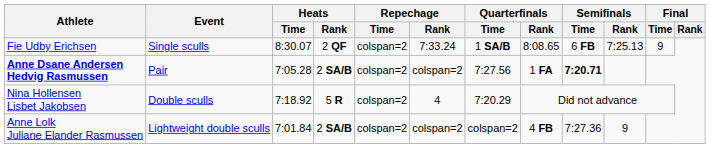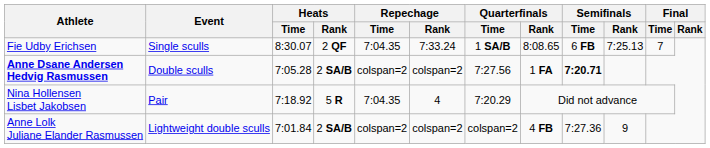 <table class="wikitable" style="font-size:90%">
 <tr>
 <th rowspan="2">Athlete</th>
 <th rowspan="2">Event</th>
 <th colspan="2">Heats</th>
 <th colspan="2">Repechage</th>
 <th colspan="2">Quarterfinals</th>
 <th colspan="2">Semifinals</th>
 <th colspan="2">Final</th>
 </tr>
 <tr style="font-size:95%">
 <th>Time</th>
 <th>Rank</th>
 <th>Time</th>
 <th>Rank</th>
 <th>Time</th>
 <th>Rank</th>
 <th>Time</th>
 <th>Rank</th>
 <th>Time</th>
 <th>Rank</th>
 </tr>
 <tr align=center>
 <td align=left><a href='#'>Fie Udby Erichsen</a></td>
 <td align=left><a href='#'>Single sculls</a></td>
 <td>8:30.07</td>
 <td>2 <strong>QF</strong></td>
-<td>colspan=2 </td>
+<td>7:04.35</td>
 <td>7:33.24</td>
 <td>1 <strong>SA/B</strong></td>
 <td>8:08.65</td>
 <td>6 <strong>FB</strong></td>
 <td>7:25.13</td>
-<td>9</td>
+<td>7</td>
 </tr>
 <tr align=center>
 <td align=left><strong><a href='#'>Anne Dsane Andersen</a><br><a href='#'>Hedvig Rasmussen</a></strong></td>
-<td align=left><a href='#'>Pair</a></td>
+<td align=left><a href='#'>Double sculls</a></td>
 <td>7:05.28</td>
 <td>2 <strong>SA/B</strong></td>
 <td>colspan=2 </td>
 <td>colspan=2 </td>
 <td>7:27.56</td>
 <td>1 <strong>FA</strong></td>
 <td><strong>7:20.71</strong></td>
 <td></td>
 </tr>
 <tr align=center>
 <td align=left><a href='#'>Nina Hollensen</a><br><a href='#'>Lisbet Jakobsen</a></td>
-<td align=left><a href='#'>Double sculls</a></td>
+<td align=left><a href='#'>Pair</a></td>
 <td>7:18.92</td>
 <td>5 <strong>R</strong></td>
-<td>colspan=2 </td>
+<td>7:04.35</td>
 <td>4</td>
 <td>7:20.29</td>
 <td colspan=4>Did not advance</td>
 </tr>
 <tr align=center>
 <td align=left><a href='#'>Anne Lolk</a><br><a href='#'>Juliane Elander Rasmussen</a></td>
 <td align=left><a href='#'>Lightweight double sculls</a></td>
 <td>7:01.84</td>
 <td>2 <strong>SA/B</strong></td>
 <td>colspan=2 </td>
 <td>colspan=2 </td>
 <td>colspan=2 </td>
 <td>4 <strong>FB</strong></td>
 <td>7:27.36</td>
 <td>9</td>
 </tr>
 </table>
